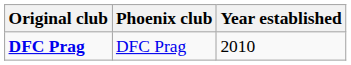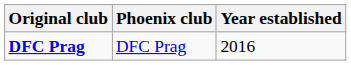 <table class="wikitable">
 <tr>
 <th>Original club</th>
 <th>Phoenix club</th>
 <th>Year established</th>
 </tr>
 <tr>
 <td><strong><a href='#'>DFC Prag</a></strong></td>
 <td><a href='#'>DFC Prag</a></td>
-<td>2010</td>
+<td>2016</td>
 </tr>
 </table>
